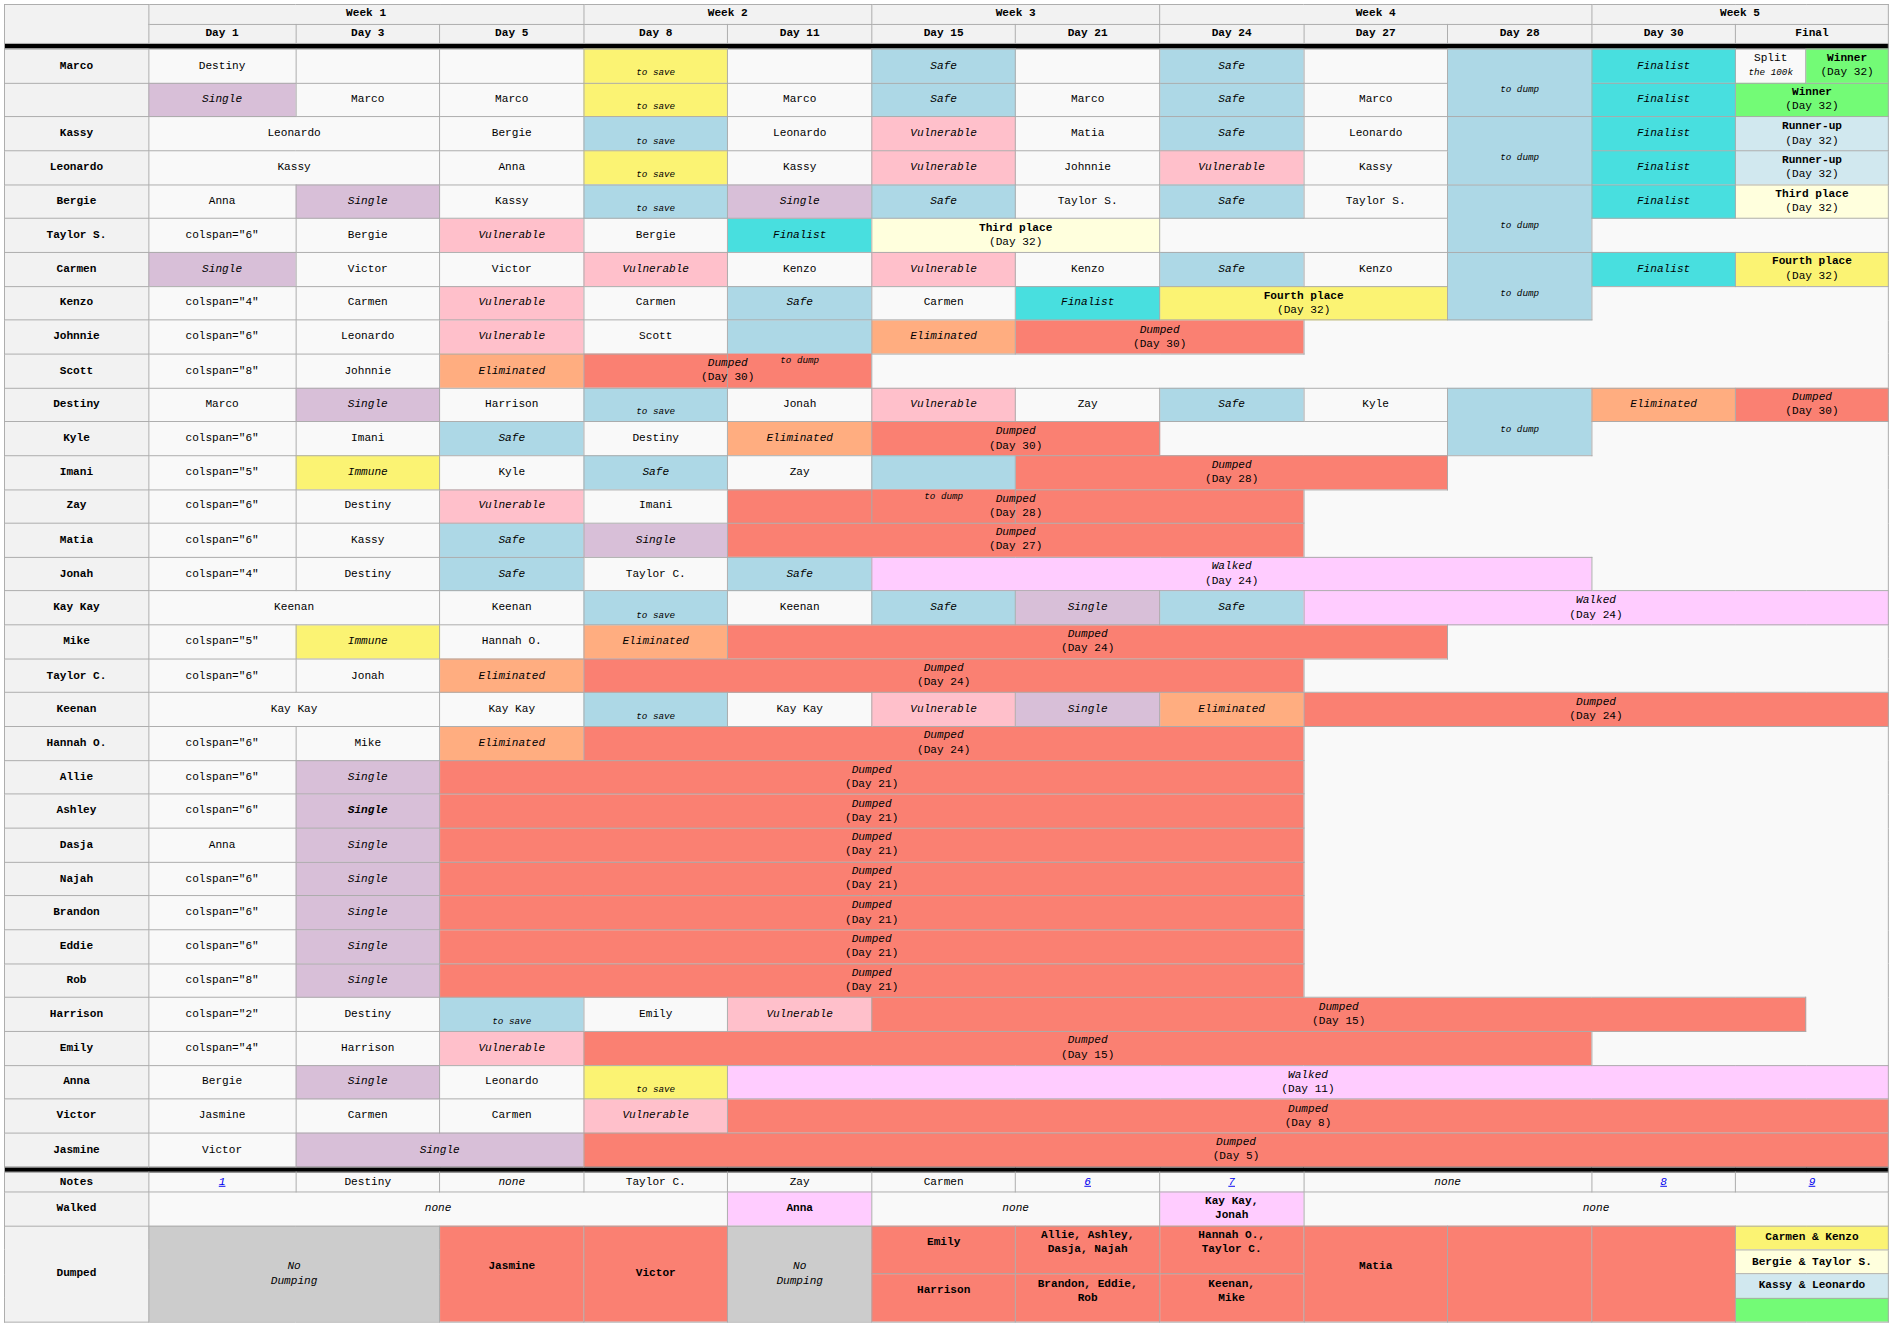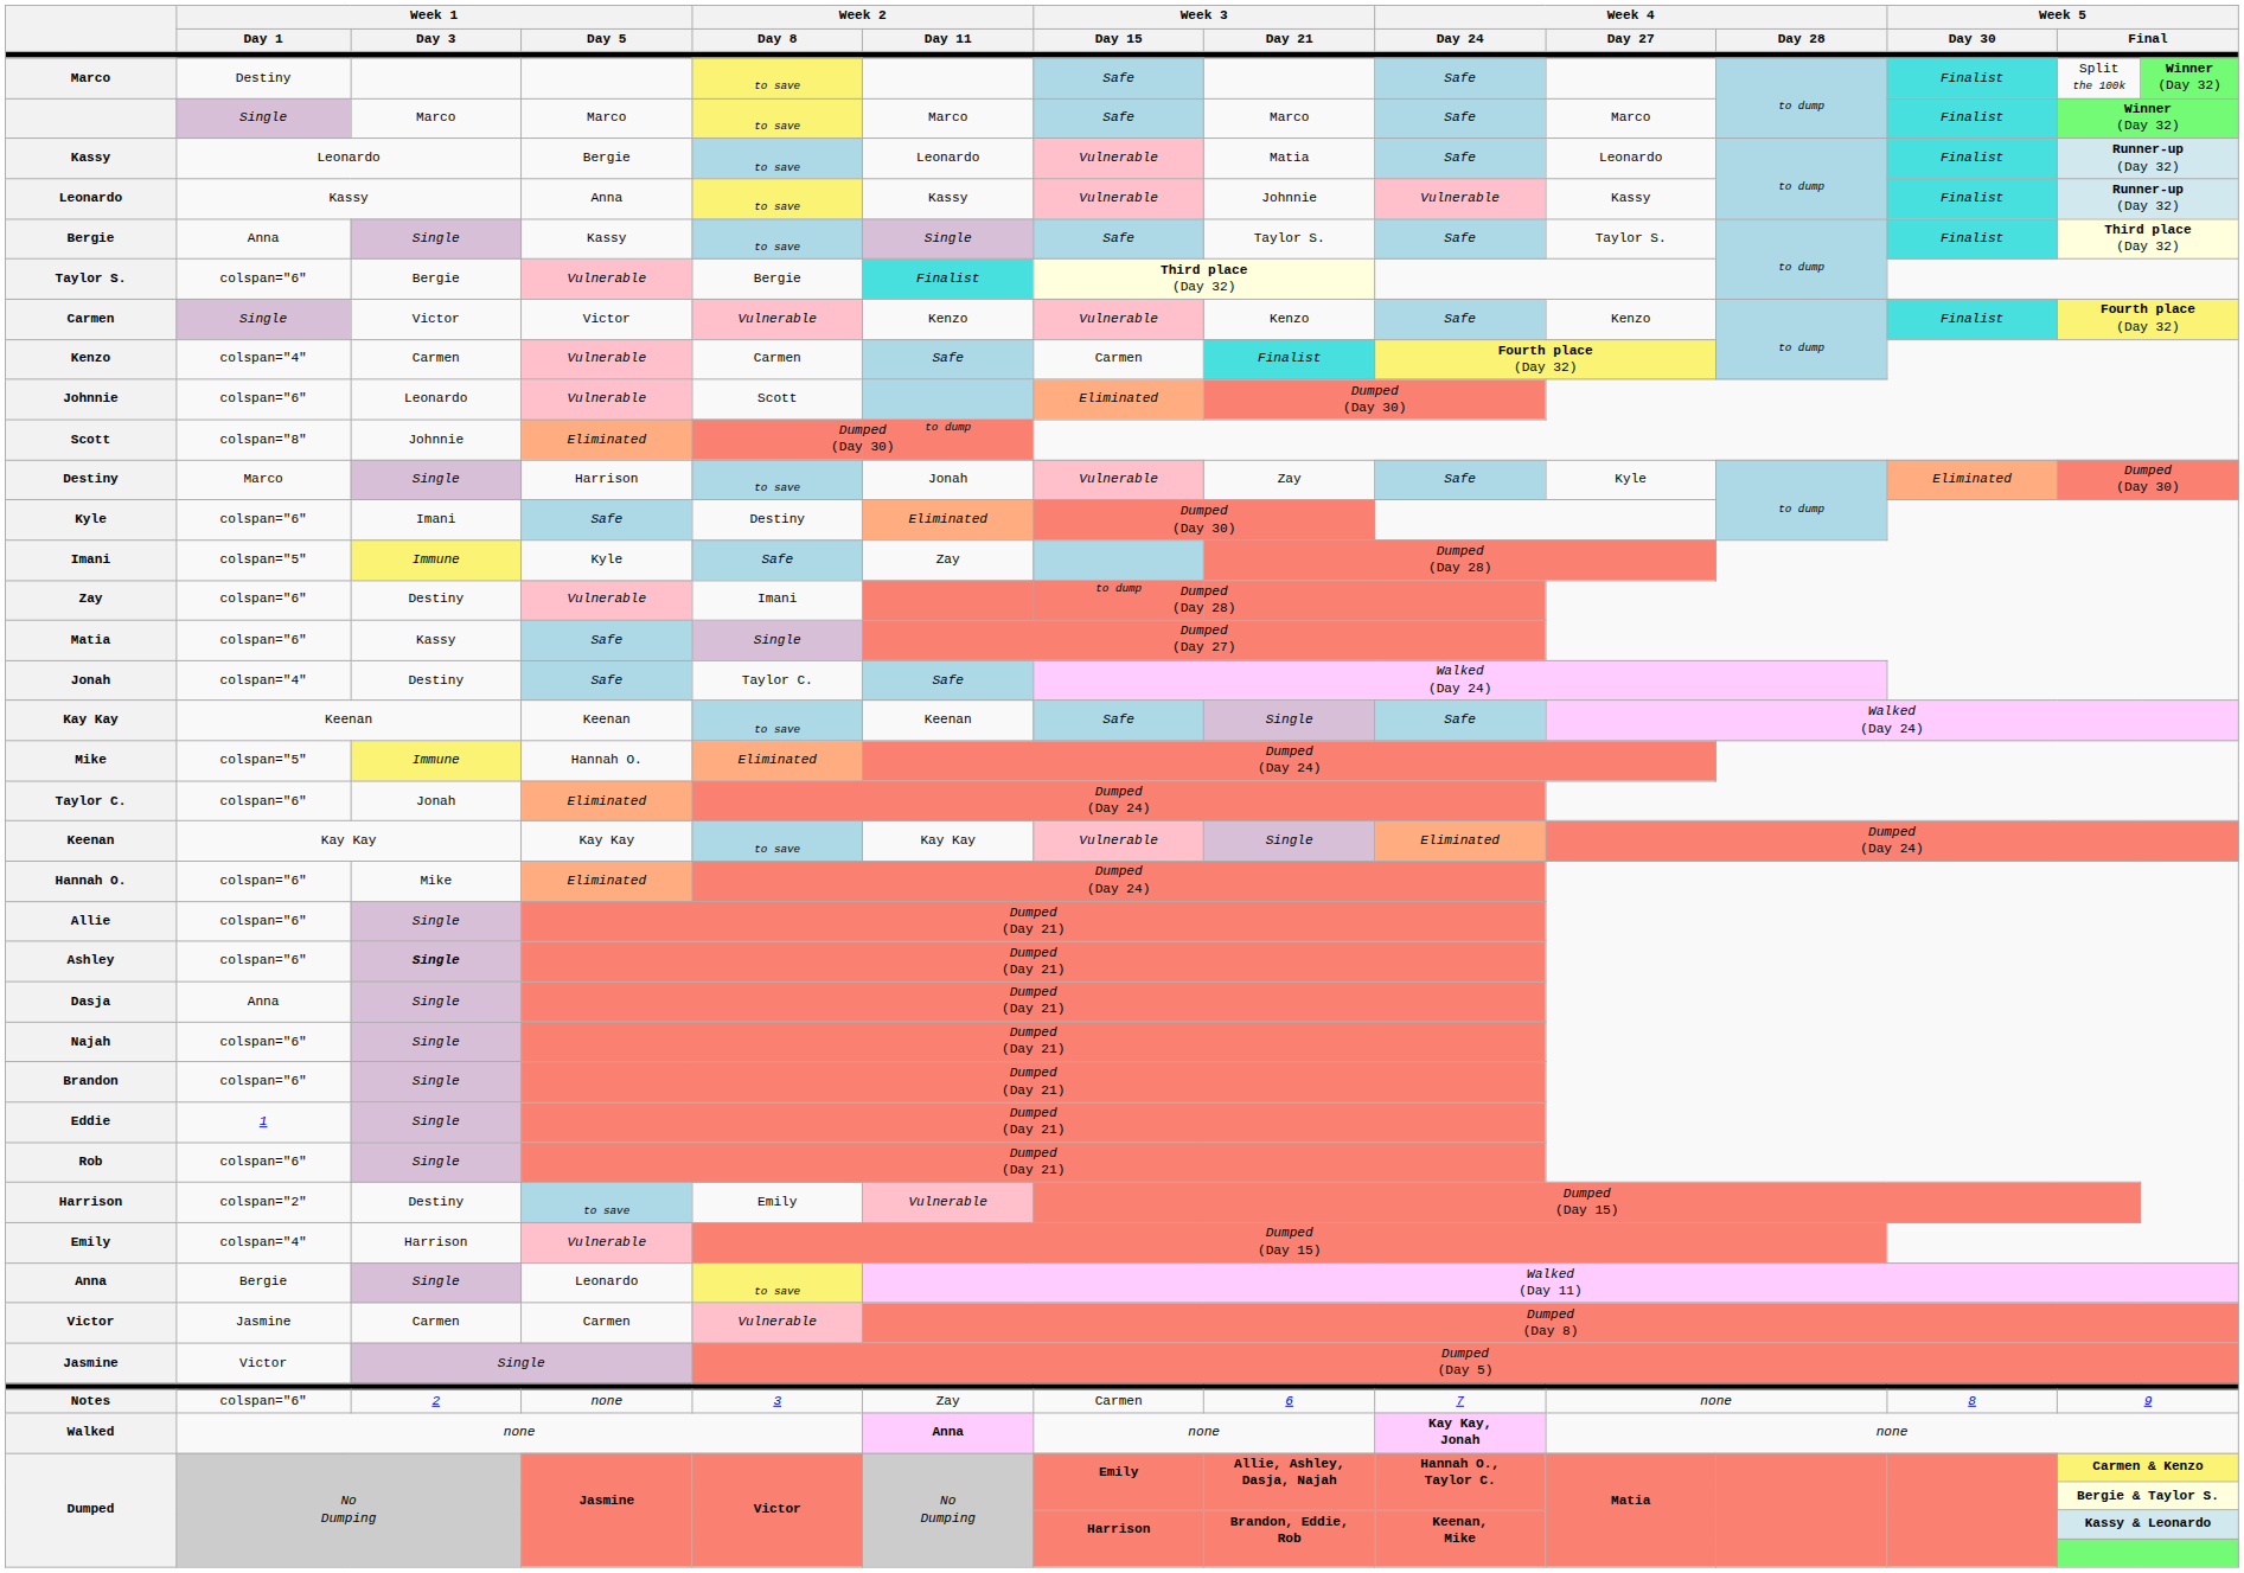 <table class="wikitable" style="text-align:center; font-size:90%; line-height:15px; width:100%">
 <tr>
 <th style="width:4%" rowspan="2"></th>
 <th style="width:4%" colspan="3">Week 1</th>
 <th style="width:4%" colspan="2">Week 2</th>
 <th style="width:4%" colspan="2">Week 3</th>
 <th style="width:4%" colspan="3">Week 4</th>
 <th style="width:4%" colspan="3">Week 5</th>
 </tr>
 <tr>
 <th style="width:4%">Day 1</th>
 <th style="width:4%">Day 3</th>
 <th style="width:4%">Day 5</th>
 <th style="width:4%">Day 8</th>
 <th style="width:4%">Day 11</th>
 <th style="width:4%">Day 15</th>
 <th style="width:4%">Day 21</th>
 <th style="width:4%">Day 24</th>
 <th style="width:4%">Day 27</th>
 <th style="width:4%">Day 28</th>
 <th style="width:4%">Day 30</th>
 <th style="width:4%" colspan="2">Final</th>
 </tr>
 <tr>
 <th style="background:#000" colspan="14"></th>
 </tr>
 <tr>
 <th>Marco</th>
 <td>Destiny</td>
 <td></td>
 <td></td>
 <td bgcolor="FBF373"><br><small><em>to save</em></small></td>
 <td></td>
 <td bgcolor="lightblue"><em>Safe</em></td>
 <td></td>
 <td bgcolor="lightblue"><em>Safe</em></td>
 <td></td>
 <td rowspan="2" bgcolor="lightblue"><br><small><em>to dump</em></small></td>
 <td style="background:#48DFDF;"><em>Finalist</em></td>
 <td>Split<br><small><em>the 100k</em></small></td>
 <td bgcolor="73FB76"><strong>Winner</strong><br> (Day 32)</td>
 </tr>
 <tr>
 <th></th>
 <td bgcolor="thistle"><em>Single</em></td>
 <td>Marco</td>
 <td>Marco</td>
 <td bgcolor="FBF373"><br><small><em>to save</em></small></td>
 <td>Marco</td>
 <td bgcolor="lightblue"><em>Safe</em></td>
 <td>Marco</td>
 <td bgcolor="lightblue"><em>Safe</em></td>
 <td>Marco</td>
 <td style="background:#48DFDF;"><em>Finalist</em></td>
 <td bgcolor="73FB76" colspan="2"><strong>Winner</strong><br> (Day 32)</td>
 </tr>
 <tr>
 <th>Kassy</th>
 <td colspan="2">Leonardo</td>
 <td>Bergie</td>
 <td bgcolor="lightblue"><br><small><em>to save</em></small></td>
 <td>Leonardo</td>
 <td bgcolor="pink"><em>Vulnerable</em></td>
 <td>Matia</td>
 <td bgcolor="lightblue"><em>Safe</em></td>
 <td>Leonardo</td>
 <td rowspan="2" bgcolor="lightblue"><br><small><em>to dump</em></small></td>
 <td style="background:#48DFDF;"><em>Finalist</em></td>
 <td bgcolor="D1E8EF" colspan="2"><strong>Runner-up</strong><br> (Day 32)</td>
 </tr>
 <tr>
 <th>Leonardo</th>
 <td colspan="2">Kassy</td>
 <td>Anna</td>
 <td bgcolor="FBF373"><br><small><em>to save</em></small></td>
 <td>Kassy</td>
 <td bgcolor="pink"><em>Vulnerable</em></td>
 <td>Johnnie</td>
 <td bgcolor="pink"><em>Vulnerable</em></td>
 <td>Kassy</td>
 <td style="background:#48DFDF;"><em>Finalist</em></td>
 <td bgcolor="D1E8EF" colspan="2"><strong>Runner-up</strong><br> (Day 32)</td>
 </tr>
 <tr>
 <th>Bergie</th>
 <td>Anna</td>
 <td bgcolor="thistle"><em>Single</em></td>
 <td>Kassy</td>
 <td bgcolor="lightblue"><br><small><em>to save</em></small></td>
 <td bgcolor="thistle"><em>Single</em></td>
 <td bgcolor="lightblue"><em>Safe</em></td>
 <td>Taylor S.</td>
 <td bgcolor="lightblue"><em>Safe</em></td>
 <td>Taylor S.</td>
 <td rowspan="2" bgcolor="lightblue"><br><small><em>to dump</em></small></td>
 <td style="background:#48DFDF;"><em>Finalist</em></td>
 <td style="background:#FFFFDD;" colspan="2"><strong>Third place</strong><br> (Day 32)</td>
 </tr>
 <tr>
 <th>Taylor S.</th>
 <td>colspan="6" </td>
 <td>Bergie</td>
 <td bgcolor="pink"><em>Vulnerable</em></td>
 <td>Bergie</td>
 <td style="background:#48DFDF;"><em>Finalist</em></td>
 <td style="background:#FFFFDD;" colspan="2"><strong>Third place</strong><br> (Day 32)</td>
 </tr>
 <tr>
 <th>Carmen</th>
 <td bgcolor="thistle"><em>Single</em></td>
 <td>Victor</td>
 <td>Victor</td>
 <td bgcolor="pink"><em>Vulnerable</em></td>
 <td>Kenzo</td>
 <td bgcolor="pink"><em>Vulnerable</em></td>
 <td>Kenzo</td>
 <td bgcolor="lightblue"><em>Safe</em></td>
 <td>Kenzo</td>
 <td rowspan="2" bgcolor="lightblue"><br><small><em>to dump</em></small></td>
 <td style="background:#48DFDF;"><em>Finalist</em></td>
 <td style="background:#FBF373;" colspan="2"><strong>Fourth place</strong><br> (Day 32)</td>
 </tr>
 <tr>
 <th>Kenzo</th>
 <td>colspan="4" </td>
 <td>Carmen</td>
 <td bgcolor="pink"><em>Vulnerable</em></td>
 <td>Carmen</td>
 <td bgcolor="lightblue"><em>Safe</em></td>
 <td>Carmen</td>
 <td style="background:#48DFDF;"><em>Finalist</em></td>
 <td style="background:#FBF373;" colspan="2"><strong>Fourth place</strong><br> (Day 32)</td>
 </tr>
 <tr>
 <th>Johnnie</th>
 <td>colspan="6" </td>
 <td>Leonardo</td>
 <td bgcolor="pink"><em>Vulnerable</em></td>
 <td>Scott</td>
 <td rowspan="2" bgcolor="lightblue"><br><small><em>to dump</em></small></td>
 <td bgcolor="#ffad80"><em>Eliminated</em></td>
 <td colspan="2" bgcolor="salmon"><em>Dumped</em><br>(Day 30)</td>
 </tr>
 <tr>
 <th>Scott</th>
 <td>colspan="8" </td>
 <td>Johnnie</td>
 <td bgcolor="#ffad80"><em>Eliminated</em></td>
 <td colspan="2" bgcolor="salmon"><em>Dumped</em><br>(Day 30)</td>
 </tr>
 <tr>
 <th>Destiny</th>
 <td>Marco</td>
 <td bgcolor="thistle"><em>Single</em></td>
 <td>Harrison</td>
 <td bgcolor="lightblue"><br><small><em>to save</em></small></td>
 <td>Jonah</td>
 <td bgcolor="pink"><em>Vulnerable</em></td>
 <td>Zay</td>
 <td bgcolor="lightblue"><em>Safe</em></td>
 <td>Kyle</td>
 <td rowspan="2" bgcolor="lightblue"><br><small><em>to dump</em></small></td>
 <td bgcolor="#ffad80"><em>Eliminated</em></td>
 <td colspan="2" bgcolor="salmon"><em>Dumped</em><br>(Day 30)</td>
 </tr>
 <tr>
 <th>Kyle</th>
 <td>colspan="6" </td>
 <td>Imani</td>
 <td bgcolor="lightblue"><em>Safe</em></td>
 <td>Destiny</td>
 <td bgcolor="#ffad80"><em>Eliminated</em></td>
 <td colspan="2" bgcolor="salmon"><em>Dumped</em><br>(Day 30)</td>
 </tr>
 <tr>
 <th>Imani</th>
 <td>colspan="5" </td>
 <td bgcolor="FBF373"><em>Immune</em></td>
 <td>Kyle</td>
 <td bgcolor="lightblue"><em>Safe</em></td>
 <td>Zay</td>
 <td rowspan="2" bgcolor="lightblue"><br><small><em>to dump</em></small></td>
 <td colspan="3" bgcolor="salmon"><em>Dumped</em><br>(Day 28)</td>
 </tr>
 <tr>
 <th>Zay</th>
 <td>colspan="6" </td>
 <td>Destiny</td>
 <td bgcolor="pink"><em>Vulnerable</em></td>
 <td>Imani</td>
 <td colspan="4" bgcolor="salmon"><em>Dumped</em><br>(Day 28)</td>
 </tr>
 <tr>
 <th>Matia</th>
 <td>colspan="6" </td>
 <td>Kassy</td>
 <td bgcolor="lightblue"><em>Safe</em></td>
 <td bgcolor="thistle"><em>Single</em></td>
 <td colspan="4" bgcolor="salmon"><em>Dumped</em><br>(Day 27)</td>
 </tr>
 <tr>
 <th>Jonah</th>
 <td>colspan="4" </td>
 <td>Destiny</td>
 <td bgcolor="lightblue"><em>Safe</em></td>
 <td>Taylor C.</td>
 <td bgcolor="lightblue"><em>Safe</em></td>
 <td colspan="5" style="background:#fcf"><em>Walked</em><br>(Day 24)</td>
 </tr>
 <tr>
 <th>Kay Kay</th>
 <td colspan="2">Keenan</td>
 <td>Keenan</td>
 <td bgcolor="lightblue"><br><small><em>to save</em></small></td>
 <td>Keenan</td>
 <td bgcolor="lightblue"><em>Safe</em></td>
 <td bgcolor="thistle"><em>Single</em></td>
 <td bgcolor="lightblue"><em>Safe</em></td>
 <td colspan="5" style="background:#fcf"><em>Walked</em><br>(Day 24)</td>
 </tr>
 <tr>
 <th>Mike</th>
 <td>colspan="5" </td>
 <td bgcolor="FBF373"><em>Immune</em></td>
 <td>Hannah O.</td>
 <td bgcolor="#ffad80"><em>Eliminated</em></td>
 <td colspan="5" bgcolor="salmon"><em>Dumped</em><br>(Day 24)</td>
 </tr>
 <tr>
 <th>Taylor C.</th>
 <td>colspan="6" </td>
 <td>Jonah</td>
 <td bgcolor="#ffad80"><em>Eliminated</em></td>
 <td colspan="5" bgcolor="salmon"><em>Dumped</em><br>(Day 24)</td>
 </tr>
 <tr>
 <th>Keenan</th>
 <td colspan="2">Kay Kay</td>
 <td>Kay Kay</td>
 <td bgcolor="lightblue"><br><small><em>to save</em></small></td>
 <td>Kay Kay</td>
 <td bgcolor="pink"><em>Vulnerable</em></td>
 <td bgcolor="thistle"><em>Single</em></td>
 <td bgcolor="#ffad80"><em>Eliminated</em></td>
 <td colspan="5" bgcolor="salmon"><em>Dumped</em><br>(Day 24)</td>
 </tr>
 <tr>
 <th>Hannah O.</th>
 <td>colspan="6" </td>
 <td>Mike</td>
 <td bgcolor="#ffad80"><em>Eliminated</em></td>
 <td colspan="5" bgcolor="salmon"><em>Dumped</em><br>(Day 24)</td>
 </tr>
 <tr>
 <th>Allie</th>
 <td>colspan="6" </td>
 <td bgcolor="thistle"><em>Single</em></td>
 <td colspan="6" bgcolor="salmon"><em>Dumped</em><br>(Day 21)</td>
 </tr>
 <tr>
 <th>Ashley</th>
 <td>colspan="6" </td>
 <td bgcolor="thistle"><strong><em>Single</em></strong></td>
 <td colspan="6" bgcolor="salmon"><em>Dumped</em><br>(Day 21)</td>
 </tr>
 <tr>
 <th>Dasja</th>
 <td>Anna</td>
 <td bgcolor="thistle"><em>Single</em></td>
 <td colspan="6" bgcolor="salmon"><em>Dumped</em><br>(Day 21)</td>
 </tr>
 <tr>
 <th>Najah</th>
 <td>colspan="6" </td>
 <td bgcolor="thistle"><em>Single</em></td>
 <td colspan="6" bgcolor="salmon"><em>Dumped</em><br>(Day 21)</td>
 </tr>
 <tr>
 <th>Brandon</th>
 <td>colspan="6" </td>
 <td bgcolor="thistle"><em>Single</em></td>
 <td colspan="6" bgcolor="salmon"><em>Dumped</em><br>(Day 21)</td>
 </tr>
 <tr>
 <th>Eddie</th>
-<td>colspan="6" </td>
+<td colspan="1"><em><a href='#'>1</a></em></td>
 <td bgcolor="thistle"><em>Single</em></td>
 <td colspan="6" bgcolor="salmon"><em>Dumped</em><br>(Day 21)</td>
 </tr>
 <tr>
 <th>Rob</th>
-<td>colspan="8" </td>
+<td>colspan="6" </td>
 <td bgcolor="thistle"><em>Single</em></td>
 <td colspan="6" bgcolor="salmon"><em>Dumped</em><br>(Day 21)</td>
 </tr>
 <tr>
 <th>Harrison</th>
 <td>colspan="2" </td>
 <td>Destiny</td>
 <td bgcolor="lightblue"><br><small><em>to save</em></small></td>
 <td>Emily</td>
 <td bgcolor="pink"><em>Vulnerable</em></td>
 <td colspan="7" bgcolor="salmon"><em>Dumped</em><br>(Day 15)</td>
 </tr>
 <tr>
 <th>Emily</th>
 <td>colspan="4" </td>
 <td>Harrison</td>
 <td bgcolor="pink"><em>Vulnerable</em></td>
 <td colspan="7" bgcolor="salmon"><em>Dumped</em><br>(Day 15)</td>
 </tr>
 <tr>
 <th>Anna</th>
 <td>Bergie</td>
 <td bgcolor="thistle"><em>Single</em></td>
 <td>Leonardo</td>
 <td bgcolor="FBF373"><br><small><em>to save</em></small></td>
 <td colspan="9" style="background:#fcf"><em>Walked</em><br>(Day 11)</td>
 </tr>
 <tr>
 <th>Victor</th>
 <td>Jasmine</td>
 <td>Carmen</td>
 <td>Carmen</td>
 <td bgcolor="pink"><em>Vulnerable</em></td>
 <td colspan="9"style="background:salmon;"><em>Dumped</em><br> (Day 8)</td>
 </tr>
 <tr>
 <th>Jasmine</th>
 <td>Victor</td>
 <td colspan="2" bgcolor="thistle"><em>Single</em></td>
 <td colspan="10"style="background:salmon;"><em>Dumped</em><br> (Day 5)</td>
 </tr>
 <tr>
 <th style="background:#000" colspan="14"></th>
 </tr>
 <tr>
 <th>Notes</th>
-<td colspan="1"><em><a href='#'>1</a></em></td>
-<td>Destiny</td>
+<td>colspan="6" </td>
+<td colspan="1"><em><a href='#'>2</a></em></td>
 <td colspan="1"><em>none</em></td>
-<td>Taylor C.</td>
+<td colspan="1"><em><a href='#'>3</a></em></td>
 <td>Zay</td>
 <td>Carmen</td>
 <td colspan="1"><em><a href='#'>6</a></em></td>
 <td colspan="1"><em><a href='#'>7</a></em></td>
 <td colspan="2"><em>none</em></td>
 <td colspan="1"><em><a href='#'>8</a></em></td>
 <td colspan="2"><em><a href='#'>9</a></em></td>
 </tr>
 <tr>
 <th>Walked</th>
 <td colspan="4"><em>none</em></td>
 <td style="background:#fcf"><strong>Anna</strong></td>
 <td colspan="2"><em>none</em></td>
 <td style="background:#fcf"><strong>Kay Kay,<br>Jonah</strong></td>
 <td colspan="5"><em>none</em></td>
 </tr>
 <tr>
 <th rowspan="4">Dumped</th>
 <td colspan="2" rowspan="4" style="background:#ccc"><em>No<br>Dumping</em></td>
 <td rowspan="4" style="background:salmon"><strong>Jasmine</strong><br><small><br></small></td>
 <td rowspan="4" style="background:salmon"><strong>Victor</strong><br><small></small></td>
 <td rowspan="4" style="background:#ccc"><em>No<br>Dumping</em></td>
 <td rowspan="2" style="background:salmon"><strong>Emily</strong><br><small><br></small></td>
 <td rowspan="2" style="background:salmon"><strong>Allie, Ashley, Dasja, Najah</strong><br><small><br></small></td>
 <td rowspan="2" style="background:salmon"><strong>Hannah O.,<br> Taylor C.</strong><br><small><br></small></td>
 <td rowspan="4" style="background:salmon"><strong>Matia</strong><br><small><br></small></td>
 <td rowspan="4" style="background:salmon"><br><small><br></small></td>
 <td rowspan="4" style="background:salmon"><br><br><small><br></small></td>
 <td style="background:#FBF373" colspan="2"><strong>Carmen & Kenzo</strong><br><small></small></td>
 </tr>
 <tr>
 <td style="background:#FFFFDD" colspan="2"><strong>Bergie & Taylor S.</strong><br><small></small></td>
 </tr>
 <tr>
 <td rowspan="2" style="background:salmon"><strong>Harrison</strong><br><small><br></small></td>
 <td rowspan="2" style="background:salmon"><strong>Brandon, Eddie,<br> Rob</strong><br><small><br></small></td>
 <td rowspan="2" style="background:salmon"><strong>Keenan,<br> Mike</strong><br><small><br></small></td>
 <td style="background:#D1E8EF" colspan="2"><strong>Kassy & Leonardo</strong><br><small></small></td>
 </tr>
 <tr>
 <td style="background:#73FB76" colspan="2"><br><small></small></td>
 </tr>
 </table>
